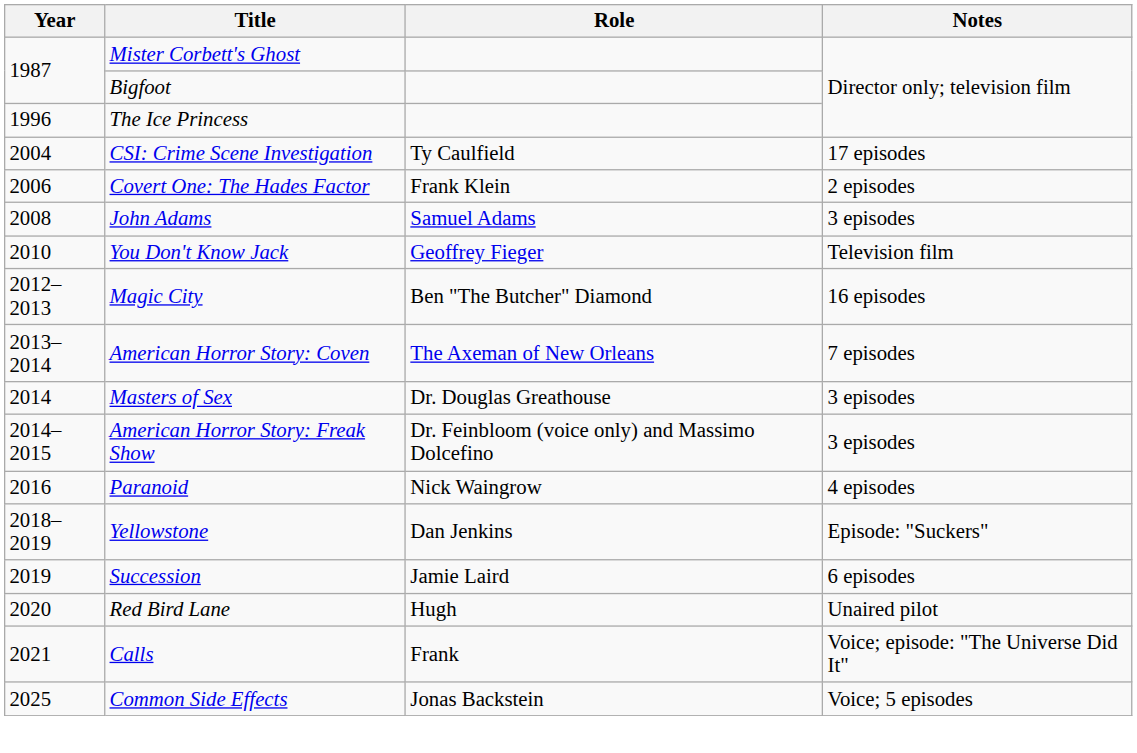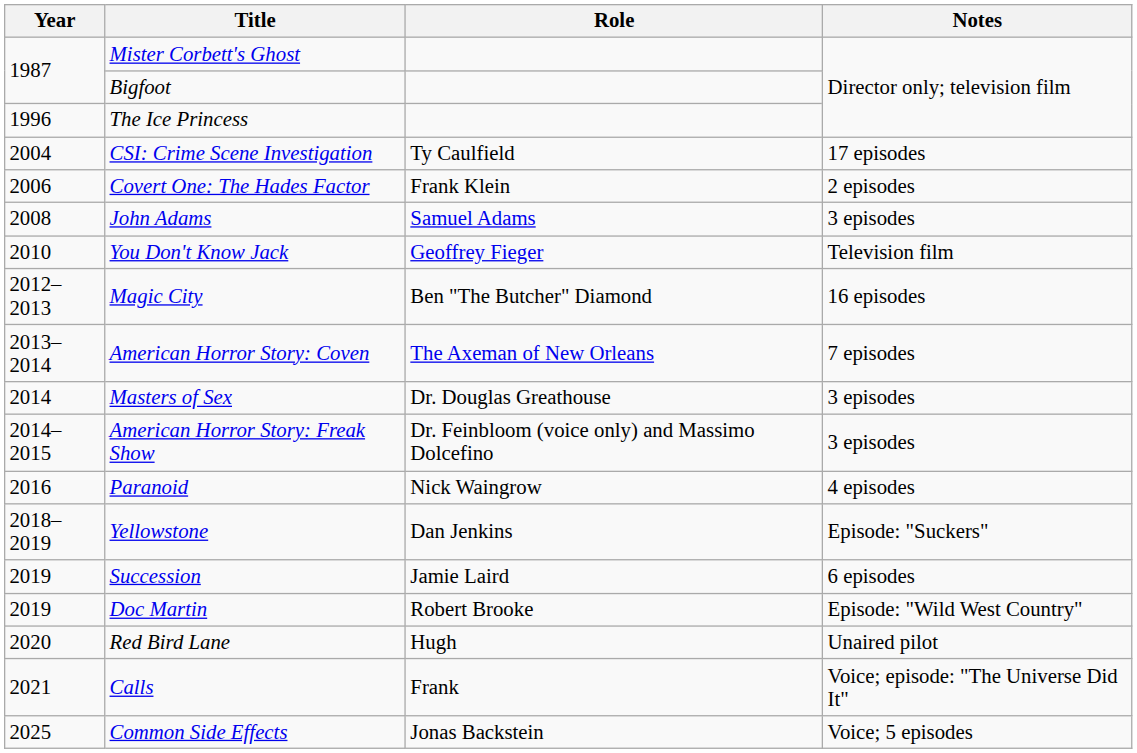 <table class="wikitable sortable">
 <tr>
 <th>Year</th>
 <th>Title</th>
 <th>Role</th>
 <th class=unsortable>Notes</th>
 </tr>
 <tr>
 <td rowspan="2">1987</td>
 <td><em><a href='#'>Mister Corbett's Ghost</a></em></td>
 <td></td>
 <td rowspan="3">Director only; television film</td>
 </tr>
 <tr>
 <td><em>Bigfoot</em></td>
 <td></td>
 </tr>
 <tr>
 <td>1996</td>
 <td><em>The Ice Princess</em></td>
 <td></td>
 </tr>
 <tr>
 <td>2004</td>
 <td><em><a href='#'>CSI: Crime Scene Investigation</a></em></td>
 <td>Ty Caulfield</td>
 <td>17 episodes</td>
 </tr>
 <tr>
 <td>2006</td>
 <td><em><a href='#'>Covert One: The Hades Factor</a></em></td>
 <td>Frank Klein</td>
 <td>2 episodes</td>
 </tr>
 <tr>
 <td>2008</td>
 <td><em><a href='#'>John Adams</a></em></td>
 <td><a href='#'>Samuel Adams</a></td>
 <td>3 episodes</td>
 </tr>
 <tr>
 <td>2010</td>
 <td><em><a href='#'>You Don't Know Jack</a></em></td>
 <td><a href='#'>Geoffrey Fieger</a></td>
 <td>Television film</td>
 </tr>
 <tr>
 <td>2012–2013</td>
 <td><em><a href='#'>Magic City</a></em></td>
 <td>Ben "The Butcher" Diamond</td>
 <td>16 episodes</td>
 </tr>
 <tr>
 <td>2013–2014</td>
 <td><em><a href='#'>American Horror Story: Coven</a></em></td>
 <td><a href='#'>The Axeman of New Orleans</a></td>
 <td>7 episodes</td>
 </tr>
 <tr>
 <td>2014</td>
 <td><em><a href='#'>Masters of Sex</a></em></td>
 <td>Dr. Douglas Greathouse</td>
 <td>3 episodes</td>
 </tr>
 <tr>
 <td>2014–2015</td>
 <td><em><a href='#'>American Horror Story: Freak Show</a></em></td>
 <td>Dr. Feinbloom (voice only) and Massimo Dolcefino</td>
 <td>3 episodes</td>
 </tr>
 <tr>
 <td>2016</td>
 <td><em><a href='#'>Paranoid</a></em></td>
 <td>Nick Waingrow</td>
 <td>4 episodes</td>
 </tr>
 <tr>
 <td>2018–2019</td>
 <td><em><a href='#'>Yellowstone</a></em></td>
 <td>Dan Jenkins</td>
 <td>Episode: "Suckers"</td>
 </tr>
 <tr>
 <td>2019</td>
 <td><em><a href='#'>Succession</a></em></td>
 <td>Jamie Laird</td>
 <td>6 episodes</td>
 </tr>
 <tr>
+<td>2019</td>
+<td><em><a href='#'>Doc Martin</a></em></td>
+<td>Robert Brooke</td>
+<td>Episode: "Wild West Country"</td>
+</tr>
+<tr>
 <td>2020</td>
 <td><em>Red Bird Lane</em></td>
 <td>Hugh</td>
 <td>Unaired pilot</td>
 </tr>
 <tr>
 <td>2021</td>
 <td><em><a href='#'>Calls</a></em></td>
 <td>Frank</td>
 <td>Voice; episode: "The Universe Did It"</td>
 </tr>
 <tr>
 <td>2025</td>
 <td><em><a href='#'>Common Side Effects</a></em></td>
 <td>Jonas Backstein</td>
 <td>Voice; 5 episodes</td>
 </tr>
 </table>
